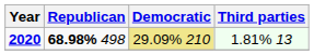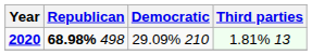 <table class="wikitable" style="float:right; font-size:95%;">
 <tr bgcolor=lightgrey>
 <th>Year</th>
 <th><a href='#'>Republican</a></th>
 <th><a href='#'>Democratic</a></th>
 <th><a href='#'>Third parties</a></th>
 </tr>
 <tr>
 <td style="text-align:center;" ><strong><a href='#'>2020</a></strong></td>
 <td style="text-align:center;" ><strong>68.98%</strong> <em>498</em></td>
-<td style="background: khaki; text-align:center;" >29.09% <em>210</em></td>
+<td style="text-align:center;" >29.09% <em>210</em></td>
 <td style="text-align:center; background:honeyDew;">1.81% <em>13</em></td>
 </tr>
 <tr>
 </tr>
 </table>
